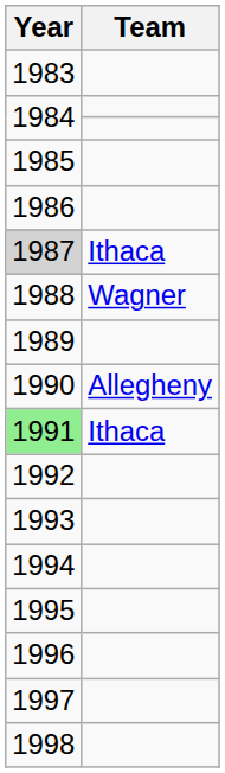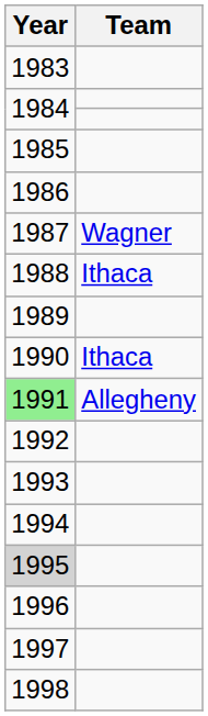 <table class="wikitable">
 <tr>
 <th>Year</th>
 <th>Team</th>
 </tr>
 <tr>
 <td>1983</td>
 <td></td>
 </tr>
 <tr>
 <td rowspan=2>1984</td>
 <td></td>
 </tr>
 <tr>
 <td></td>
 </tr>
 <tr>
 <td>1985</td>
 <td></td>
 </tr>
 <tr>
 <td>1986</td>
 <td></td>
 </tr>
 <tr>
-<td style="background: lightgrey;">1987</td>
-<td><a href='#'>Ithaca</a></td>
+<td>1987</td>
+<td><a href='#'>Wagner</a></td>
 </tr>
 <tr>
 <td>1988</td>
-<td><a href='#'>Wagner</a></td>
+<td><a href='#'>Ithaca</a></td>
 </tr>
 <tr>
 <td>1989</td>
 <td></td>
 </tr>
 <tr>
 <td>1990</td>
-<td><a href='#'>Allegheny</a></td>
+<td><a href='#'>Ithaca</a></td>
 </tr>
 <tr>
 <td style="background: lightgreen;">1991</td>
-<td><a href='#'>Ithaca</a></td>
+<td><a href='#'>Allegheny</a></td>
 </tr>
 <tr>
 <td>1992</td>
 <td></td>
 </tr>
 <tr>
 <td>1993</td>
 <td></td>
 </tr>
 <tr>
 <td>1994</td>
 <td></td>
 </tr>
 <tr>
-<td>1995</td>
+<td style="background: lightgrey;">1995</td>
 <td></td>
 </tr>
 <tr>
 <td>1996</td>
 <td></td>
 </tr>
 <tr>
 <td>1997</td>
 <td></td>
 </tr>
 <tr>
 <td>1998</td>
 <td></td>
 </tr>
 </table>
